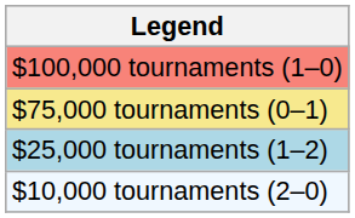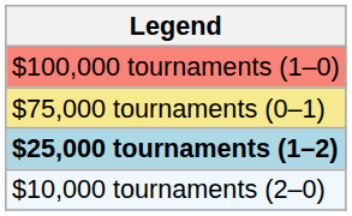 <table class="wikitable" style="font-size:85%">
 <tr>
 <th>Legend</th>
 </tr>
 <tr style="background:#f88379;">
 <td>$100,000 tournaments (1–0)</td>
 </tr>
 <tr style="background:#f7e98e;">
 <td>$75,000 tournaments (0–1)</td>
 </tr>
 <tr style="background:lightblue;">
-<td>$25,000 tournaments (1–2)</td>
+<td><strong>$25,000 tournaments (1–2)</strong></td>
 </tr>
 <tr style="background:#f0f8ff;">
 <td>$10,000 tournaments (2–0)</td>
 </tr>
 </table>
